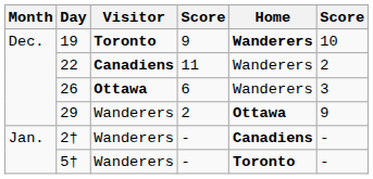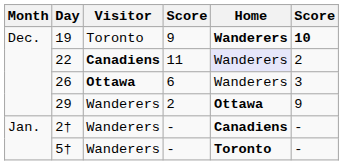 <table class="wikitable">
 <tr>
 <th>Month</th>
 <th>Day</th>
 <th>Visitor</th>
 <th>Score</th>
 <th>Home</th>
 <th>Score</th>
 </tr>
 <tr>
 <td rowspan=4 valign=top>Dec.</td>
 <td>19</td>
-<td><strong>Toronto</strong></td>
+<td>Toronto</td>
 <td>9</td>
 <td><strong>Wanderers</strong></td>
-<td>10</td>
+<td><strong>10</strong></td>
 </tr>
 <tr>
 <td>22</td>
 <td><strong>Canadiens</strong></td>
 <td>11</td>
-<td>Wanderers</td>
+<td style="background: lavender;">Wanderers</td>
 <td>2</td>
 </tr>
 <tr>
 <td>26</td>
 <td><strong>Ottawa</strong></td>
 <td>6</td>
 <td>Wanderers</td>
 <td>3</td>
 </tr>
 <tr>
 <td>29</td>
 <td>Wanderers</td>
 <td>2</td>
 <td><strong>Ottawa</strong></td>
 <td>9</td>
 </tr>
 <tr>
 <td rowspan=2 valign=top>Jan.</td>
 <td>2†</td>
 <td>Wanderers</td>
 <td>-</td>
 <td><strong>Canadiens</strong></td>
 <td>-</td>
 </tr>
 <tr>
 <td>5†</td>
 <td>Wanderers</td>
 <td>-</td>
 <td><strong>Toronto</strong></td>
 <td>-</td>
 </tr>
 </table>
